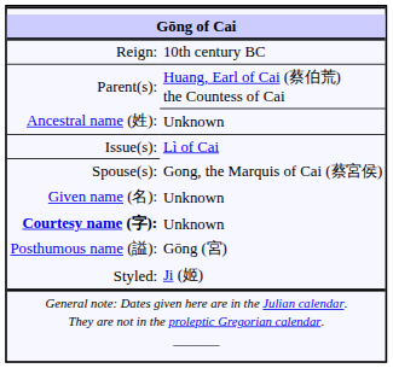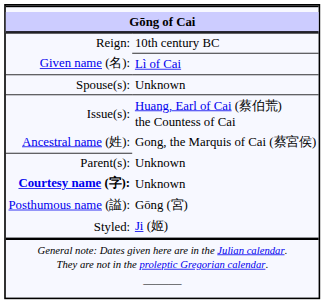 <table cellpadding=3px cellspacing=0px bgcolor=#f7f8ff style="float:right; border:2px solid; margin:5px">
 <tr>
 <td colspan=2 align=center style="border-top:2px solid"></td>
 </tr>
 <tr>
 <th align=center style="background:#ccf; border-bottom:2px solid" colspan=2>Gōng of Cai</th>
 </tr>
 <tr>
 <td align=right style="border-top:1px solid">Reign:</td>
 <td style="border-top:1px solid">10th century BC</td>
 </tr>
 <tr>
-<td align=right style="border-top:1px solid">Parent(s):</td>
+<td align="right"><a href='#'>Given name</a> (名):</td>
+<td style="border-top:1px solid"><a href='#'>Lì of Cai</a></td>
+</tr>
+<tr>
+<td align=right style="border-top:1px solid">Spouse(s):</td>
+<td style="border-top:1px solid">Unknown</td>
+</tr>
+<tr>
+<td align=right style="border-top:1px solid">Issue(s):</td>
 <td style="border-top:1px solid"><a href='#'>Huang, Earl of Cai</a> (蔡伯荒) <br>  the Countess of Cai</td>
 </tr>
 <tr>
 <td align="right"><a href='#'>Ancestral name</a> (姓):</td>
-<td style="border-top:1px solid">Unknown</td>
-</tr>
-<tr>
-<td align=right style="border-top:1px solid">Issue(s):</td>
-<td style="border-top:1px solid"><a href='#'>Lì of Cai</a></td>
-</tr>
-<tr>
-<td align=right style="border-top:1px solid">Spouse(s):</td>
 <td>Gong, the Marquis of Cai (蔡宮侯)</td>
 </tr>
 <tr>
-<td align="right"><a href='#'>Given name</a> (名):</td>
+<td align=right style="border-top:1px solid">Parent(s):</td>
 <td>Unknown</td>
 </tr>
 <tr>
 <td align="right"><strong><a href='#'>Courtesy name</a> (字):</strong></td>
 <td>Unknown</td>
 </tr>
 <tr>
 <td align="right" nowrap="nowrap"><a href='#'>Posthumous name</a> (謚):</td>
 <td>Gōng (宮)</td>
 </tr>
 <tr>
 <td align="right">Styled:</td>
 <td><a href='#'>Ji</a> (姬)</td>
 </tr>
 <tr>
 <td colspan=2 align=center style="border-top:3px solid"><small><em>General note: Dates given here are in the <a href='#'>Julian calendar</a></em>.<br><em>They are not in the <a href='#'>proleptic Gregorian calendar</a></em>.</small></td>
 </tr>
 <tr>
 <td colspan=2 align=center>———</td>
 </tr>
 <tr>
 <td></td>
 </tr>
 <tr>
 </tr>
 </table>
